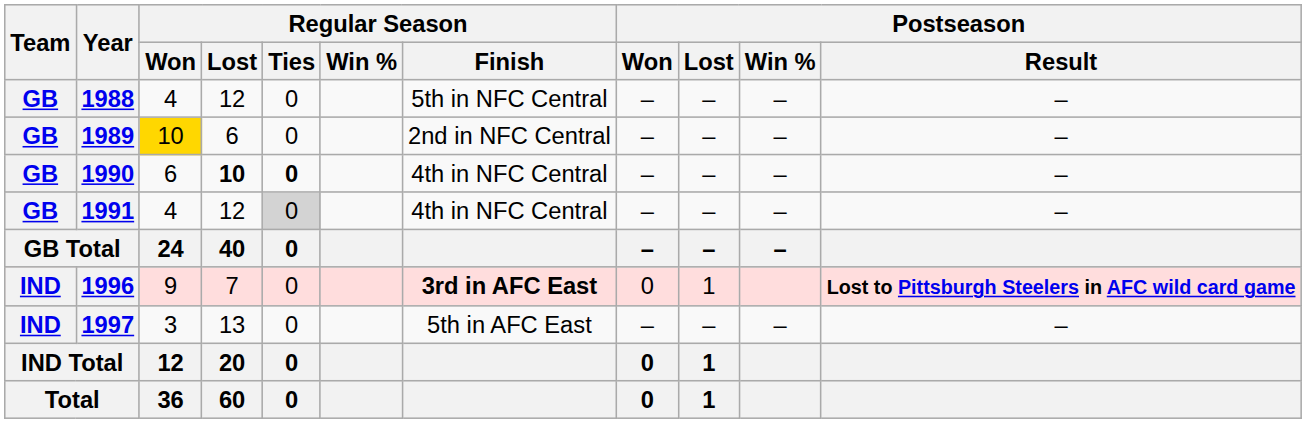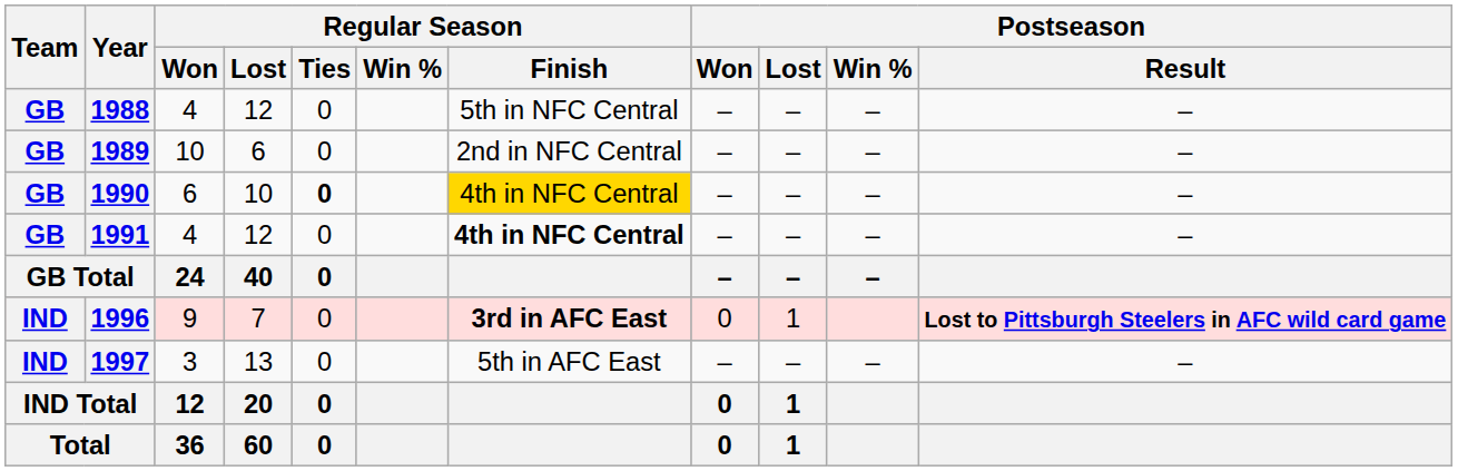 <table class="wikitable" style="font-size: 95%; text-align:center;">
 <tr>
 <th rowspan="2">Team</th>
 <th rowspan="2">Year</th>
 <th colspan="5">Regular Season</th>
 <th colspan="4">Postseason</th>
 </tr>
 <tr>
 <th>Won</th>
 <th>Lost</th>
 <th>Ties</th>
 <th>Win %</th>
 <th>Finish</th>
 <th>Won</th>
 <th>Lost</th>
 <th>Win %</th>
 <th>Result</th>
 </tr>
 <tr>
 <th><a href='#'>GB</a></th>
 <th><a href='#'>1988</a></th>
 <td>4</td>
 <td>12</td>
 <td>0</td>
 <td></td>
 <td>5th in NFC Central</td>
 <td>–</td>
 <td>–</td>
 <td>–</td>
 <td>–</td>
 </tr>
 <tr>
 <th><a href='#'>GB</a></th>
 <th><a href='#'>1989</a></th>
-<td style="background: gold;">10</td>
+<td>10</td>
 <td>6</td>
 <td>0</td>
 <td></td>
 <td>2nd in NFC Central</td>
 <td>–</td>
 <td>–</td>
 <td>–</td>
 <td>–</td>
 </tr>
 <tr>
 <th><a href='#'>GB</a></th>
 <th><a href='#'>1990</a></th>
 <td>6</td>
-<td><strong>10</strong></td>
+<td>10</td>
 <td><strong>0</strong></td>
 <td></td>
-<td>4th in NFC Central</td>
+<td style="background: gold;">4th in NFC Central</td>
 <td>–</td>
 <td>–</td>
 <td>–</td>
 <td>–</td>
 </tr>
 <tr>
 <th><a href='#'>GB</a></th>
 <th><a href='#'>1991</a></th>
 <td>4</td>
 <td>12</td>
-<td style="background: lightgrey;">0</td>
+<td>0</td>
 <td></td>
-<td>4th in NFC Central</td>
+<td><strong>4th in NFC Central</strong></td>
 <td>–</td>
 <td>–</td>
 <td>–</td>
 <td>–</td>
 </tr>
 <tr>
 <th colspan="2">GB Total</th>
 <th>24</th>
 <th>40</th>
 <th>0</th>
 <th></th>
 <th></th>
 <th>–</th>
 <th>–</th>
 <th>–</th>
 <th></th>
 </tr>
 <tr style="background:#fdd;">
 <th><a href='#'>IND</a></th>
 <th><a href='#'>1996</a></th>
 <td>9</td>
 <td>7</td>
 <td>0</td>
 <td></td>
 <td><strong>3rd in AFC East</strong></td>
 <td>0</td>
 <td>1</td>
 <td></td>
 <td><small><strong>Lost to <a href='#'>Pittsburgh Steelers</a> in <a href='#'>AFC wild card game</a></strong></small></td>
 </tr>
 <tr>
 <th><a href='#'>IND</a></th>
 <th><a href='#'>1997</a></th>
 <td>3</td>
 <td>13</td>
 <td>0</td>
 <td></td>
 <td>5th in AFC East</td>
 <td>–</td>
 <td>–</td>
 <td>–</td>
 <td>–</td>
 </tr>
 <tr>
 <th colspan="2">IND Total</th>
 <th>12</th>
 <th>20</th>
 <th>0</th>
 <th></th>
 <th></th>
 <th>0</th>
 <th>1</th>
 <th></th>
 <th></th>
 </tr>
 <tr>
 <th colspan="2">Total</th>
 <th>36</th>
 <th>60</th>
 <th>0</th>
 <th></th>
 <th></th>
 <th>0</th>
 <th>1</th>
 <th></th>
 <th></th>
 </tr>
 </table>
